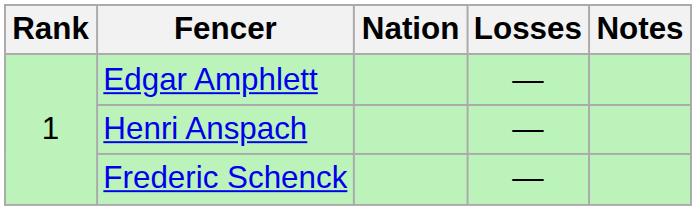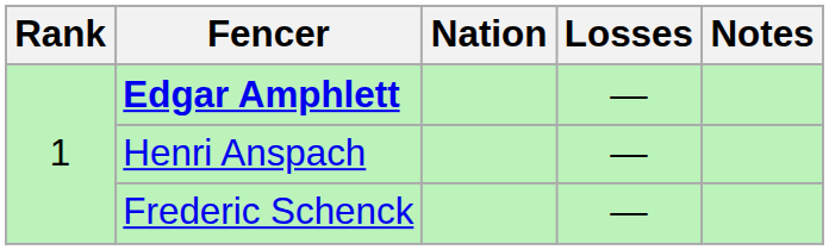 <table class="wikitable sortable" style="text-align:center">
 <tr>
 <th>Rank</th>
 <th>Fencer</th>
 <th>Nation</th>
 <th>Losses</th>
 <th>Notes</th>
 </tr>
 <tr bgcolor=bbf3bb>
 <td rowspan=3>1</td>
-<td align=left><a href='#'>Edgar Amphlett</a></td>
+<td align=left><strong><a href='#'>Edgar Amphlett</a></strong></td>
 <td align=left></td>
 <td>—</td>
 <td></td>
 </tr>
 <tr bgcolor=bbf3bb>
 <td align=left><a href='#'>Henri Anspach</a></td>
 <td align=left></td>
 <td>—</td>
 <td></td>
 </tr>
 <tr bgcolor=bbf3bb>
 <td align=left><a href='#'>Frederic Schenck</a></td>
 <td align=left></td>
 <td>—</td>
 <td></td>
 </tr>
 </table>
